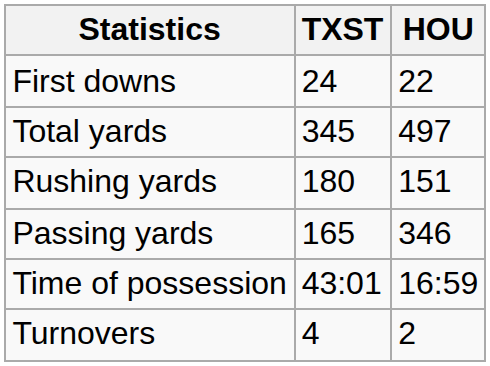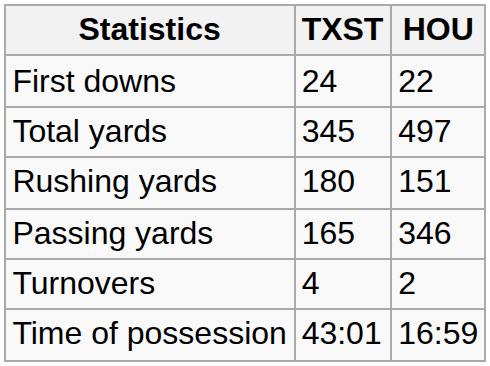 <table class="wikitable">
 <tr>
 <th>Statistics</th>
 <th>TXST</th>
 <th>HOU</th>
 </tr>
 <tr>
 <td>First downs</td>
 <td>24</td>
 <td>22</td>
 </tr>
 <tr>
 <td>Total yards</td>
 <td>345</td>
 <td>497</td>
 </tr>
 <tr>
 <td>Rushing yards</td>
 <td>180</td>
 <td>151</td>
 </tr>
 <tr>
 <td>Passing yards</td>
 <td>165</td>
 <td>346</td>
 </tr>
 <tr>
+<td>Turnovers</td>
+<td>4</td>
+<td>2</td>
+</tr>
+<tr>
 <td>Time of possession</td>
 <td>43:01</td>
 <td>16:59</td>
 </tr>
 <tr>
-<td>Turnovers</td>
-<td>4</td>
-<td>2</td>
-</tr>
-<tr>
 </tr>
 </table>
